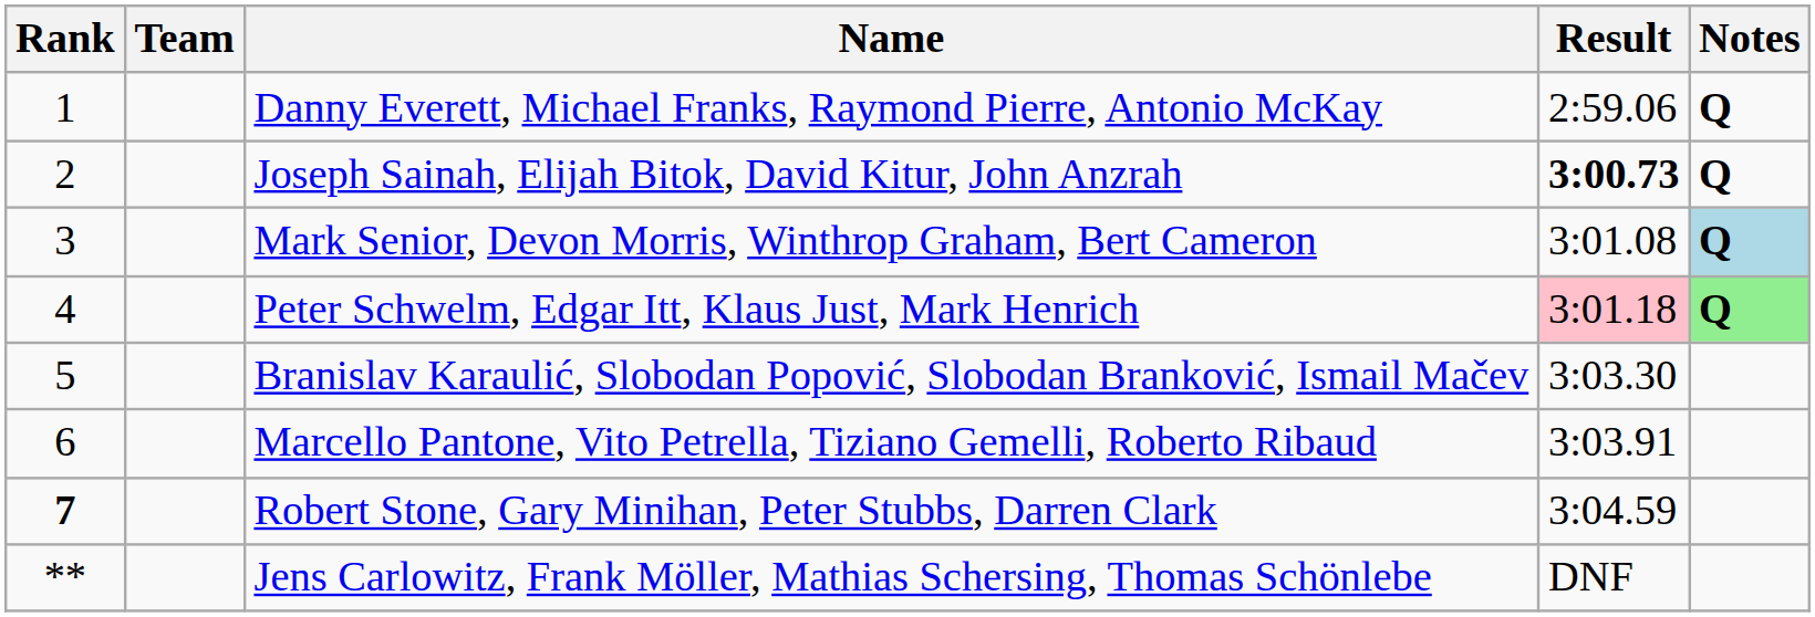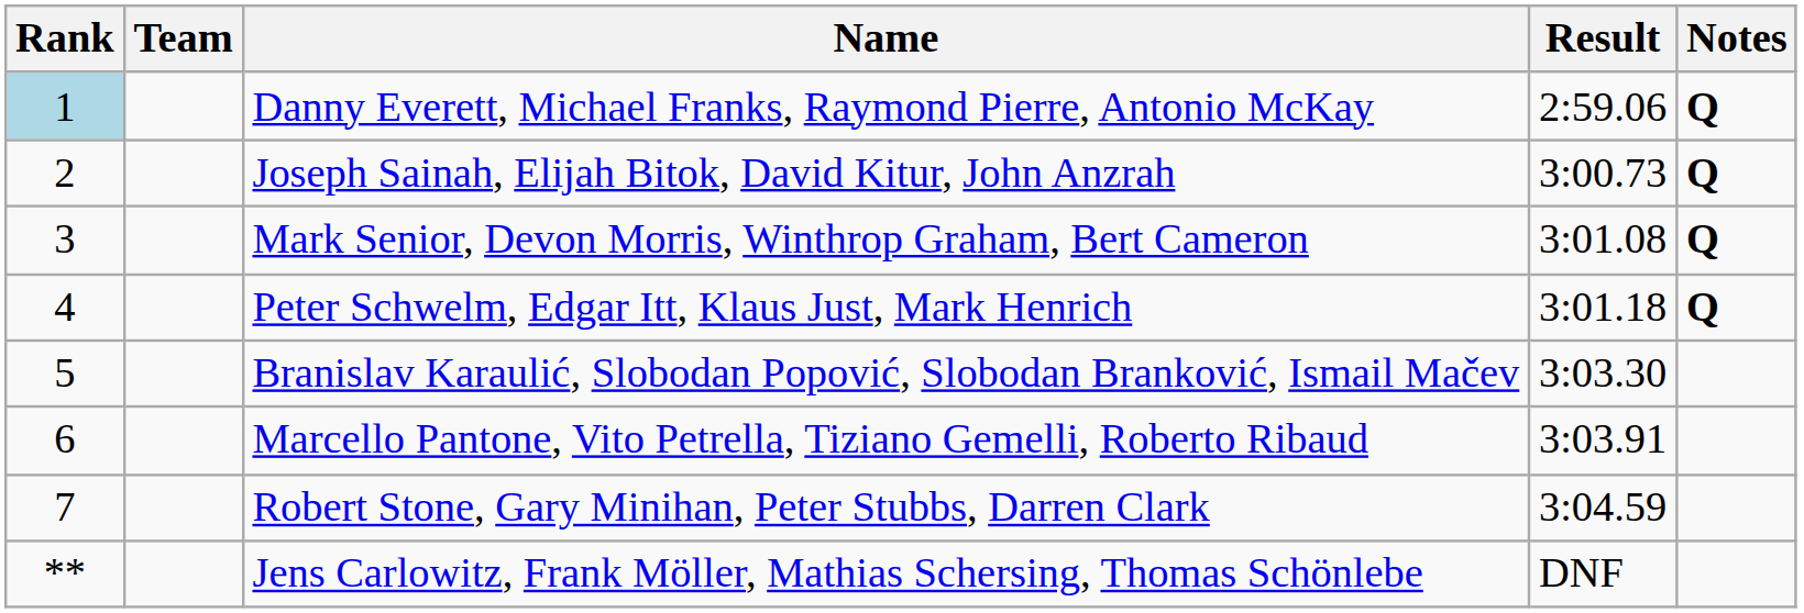 <table class="sortable wikitable">
 <tr>
 <th>Rank</th>
 <th>Team</th>
 <th>Name</th>
 <th>Result</th>
 <th>Notes</th>
 </tr>
 <tr>
-<td align="center">1</td>
+<td align="center" style="background: lightblue;">1</td>
 <td></td>
 <td><a href='#'>Danny Everett</a>, <a href='#'>Michael Franks</a>, <a href='#'>Raymond Pierre</a>, <a href='#'>Antonio McKay</a></td>
 <td>2:59.06</td>
 <td> <strong>Q</strong></td>
 </tr>
 <tr>
 <td align="center">2</td>
 <td></td>
 <td><a href='#'>Joseph Sainah</a>, <a href='#'>Elijah Bitok</a>, <a href='#'>David Kitur</a>, <a href='#'>John Anzrah</a></td>
-<td><strong>3:00.73</strong></td>
+<td>3:00.73</td>
 <td><strong>Q</strong></td>
 </tr>
 <tr>
 <td align="center">3</td>
 <td></td>
 <td><a href='#'>Mark Senior</a>, <a href='#'>Devon Morris</a>, <a href='#'>Winthrop Graham</a>, <a href='#'>Bert Cameron</a></td>
 <td>3:01.08</td>
-<td style="background: lightblue;"> <strong>Q</strong></td>
+<td> <strong>Q</strong></td>
 </tr>
 <tr>
 <td align="center">4</td>
 <td></td>
 <td><a href='#'>Peter Schwelm</a>, <a href='#'>Edgar Itt</a>, <a href='#'>Klaus Just</a>, <a href='#'>Mark Henrich</a></td>
-<td style="background: pink;">3:01.18</td>
-<td style="background: lightgreen;"><strong>Q</strong></td>
+<td>3:01.18</td>
+<td><strong>Q</strong></td>
 </tr>
 <tr>
 <td align="center">5</td>
 <td></td>
 <td><a href='#'>Branislav Karaulić</a>, <a href='#'>Slobodan Popović</a>, <a href='#'>Slobodan Branković</a>, <a href='#'>Ismail Mačev</a></td>
 <td>3:03.30</td>
 <td></td>
 </tr>
 <tr>
 <td align="center">6</td>
 <td></td>
 <td><a href='#'>Marcello Pantone</a>, <a href='#'>Vito Petrella</a>, <a href='#'>Tiziano Gemelli</a>, <a href='#'>Roberto Ribaud</a></td>
 <td>3:03.91</td>
 </tr>
 <tr>
-<td align="center"><strong>7</strong></td>
+<td align="center">7</td>
 <td></td>
 <td><a href='#'>Robert Stone</a>, <a href='#'>Gary Minihan</a>, <a href='#'>Peter Stubbs</a>, <a href='#'>Darren Clark</a></td>
 <td>3:04.59</td>
 <td></td>
 </tr>
 <tr>
 <td align="center">**</td>
 <td></td>
 <td><a href='#'>Jens Carlowitz</a>, <a href='#'>Frank Möller</a>, <a href='#'>Mathias Schersing</a>, <a href='#'>Thomas Schönlebe</a></td>
 <td>DNF</td>
 <td></td>
 </tr>
 </table>
